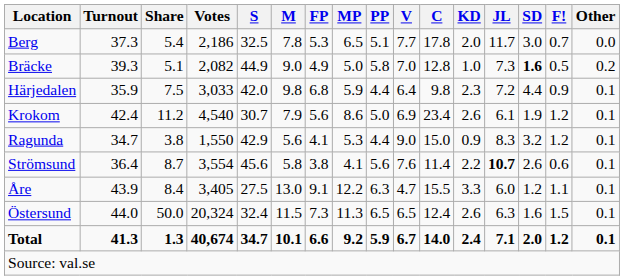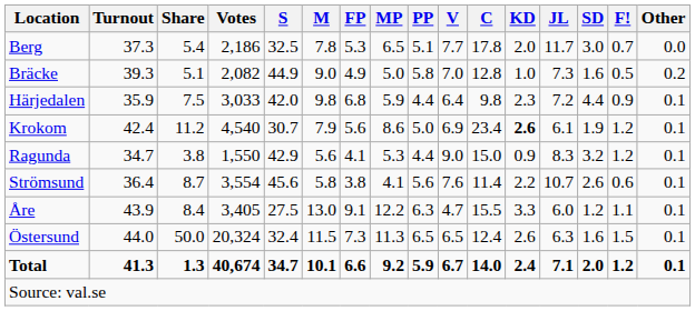 <table class="wikitable sortable" style=text-align:right>
 <tr>
 <th>Location</th>
 <th>Turnout</th>
 <th>Share</th>
 <th>Votes</th>
 <th><a href='#'>S</a></th>
 <th><a href='#'>M</a></th>
 <th><a href='#'>FP</a></th>
 <th><a href='#'>MP</a></th>
 <th><a href='#'>PP</a></th>
 <th><a href='#'>V</a></th>
 <th><a href='#'>C</a></th>
 <th><a href='#'>KD</a></th>
 <th><a href='#'>JL</a></th>
 <th><a href='#'>SD</a></th>
 <th><a href='#'>F!</a></th>
 <th>Other</th>
 </tr>
 <tr>
 <td align=left><a href='#'>Berg</a></td>
 <td>37.3</td>
 <td>5.4</td>
 <td>2,186</td>
 <td>32.5</td>
 <td>7.8</td>
 <td>5.3</td>
 <td>6.5</td>
 <td>5.1</td>
 <td>7.7</td>
 <td>17.8</td>
 <td>2.0</td>
 <td>11.7</td>
 <td>3.0</td>
 <td>0.7</td>
 <td>0.0</td>
 </tr>
 <tr>
 <td align=left><a href='#'>Bräcke</a></td>
 <td>39.3</td>
 <td>5.1</td>
 <td>2,082</td>
 <td>44.9</td>
 <td>9.0</td>
 <td>4.9</td>
 <td>5.0</td>
 <td>5.8</td>
 <td>7.0</td>
 <td>12.8</td>
 <td>1.0</td>
 <td>7.3</td>
-<td><strong>1.6</strong></td>
+<td>1.6</td>
 <td>0.5</td>
 <td>0.2</td>
 </tr>
 <tr>
 <td align=left><a href='#'>Härjedalen</a></td>
 <td>35.9</td>
 <td>7.5</td>
 <td>3,033</td>
 <td>42.0</td>
 <td>9.8</td>
 <td>6.8</td>
 <td>5.9</td>
 <td>4.4</td>
 <td>6.4</td>
 <td>9.8</td>
 <td>2.3</td>
 <td>7.2</td>
 <td>4.4</td>
 <td>0.9</td>
 <td>0.1</td>
 </tr>
 <tr>
 <td align=left><a href='#'>Krokom</a></td>
 <td>42.4</td>
 <td>11.2</td>
 <td>4,540</td>
 <td>30.7</td>
 <td>7.9</td>
 <td>5.6</td>
 <td>8.6</td>
 <td>5.0</td>
 <td>6.9</td>
 <td>23.4</td>
-<td>2.6</td>
+<td><strong>2.6</strong></td>
 <td>6.1</td>
 <td>1.9</td>
 <td>1.2</td>
 <td>0.1</td>
 </tr>
 <tr>
 <td align=left><a href='#'>Ragunda</a></td>
 <td>34.7</td>
 <td>3.8</td>
 <td>1,550</td>
 <td>42.9</td>
 <td>5.6</td>
 <td>4.1</td>
 <td>5.3</td>
 <td>4.4</td>
 <td>9.0</td>
 <td>15.0</td>
 <td>0.9</td>
 <td>8.3</td>
 <td>3.2</td>
 <td>1.2</td>
 <td>0.1</td>
 </tr>
 <tr>
 <td align=left><a href='#'>Strömsund</a></td>
 <td>36.4</td>
 <td>8.7</td>
 <td>3,554</td>
 <td>45.6</td>
 <td>5.8</td>
 <td>3.8</td>
 <td>4.1</td>
 <td>5.6</td>
 <td>7.6</td>
 <td>11.4</td>
 <td>2.2</td>
-<td><strong>10.7</strong></td>
+<td>10.7</td>
 <td>2.6</td>
 <td>0.6</td>
 <td>0.1</td>
 </tr>
 <tr>
 <td align=left><a href='#'>Åre</a></td>
 <td>43.9</td>
 <td>8.4</td>
 <td>3,405</td>
 <td>27.5</td>
 <td>13.0</td>
 <td>9.1</td>
 <td>12.2</td>
 <td>6.3</td>
 <td>4.7</td>
 <td>15.5</td>
 <td>3.3</td>
 <td>6.0</td>
 <td>1.2</td>
 <td>1.1</td>
 <td>0.1</td>
 </tr>
 <tr>
 <td align=left><a href='#'>Östersund</a></td>
 <td>44.0</td>
 <td>50.0</td>
 <td>20,324</td>
 <td>32.4</td>
 <td>11.5</td>
 <td>7.3</td>
 <td>11.3</td>
 <td>6.5</td>
 <td>6.5</td>
 <td>12.4</td>
 <td>2.6</td>
 <td>6.3</td>
 <td>1.6</td>
 <td>1.5</td>
 <td>0.1</td>
 </tr>
 <tr>
 <td align=left><strong>Total</strong></td>
 <td><strong>41.3</strong></td>
 <td><strong>1.3</strong></td>
 <td><strong>40,674</strong></td>
 <td><strong>34.7</strong></td>
 <td><strong>10.1</strong></td>
 <td><strong>6.6</strong></td>
 <td><strong>9.2</strong></td>
 <td><strong>5.9</strong></td>
 <td><strong>6.7</strong></td>
 <td><strong>14.0</strong></td>
 <td><strong>2.4</strong></td>
 <td><strong>7.1</strong></td>
 <td><strong>2.0</strong></td>
 <td><strong>1.2</strong></td>
 <td><strong>0.1</strong></td>
 </tr>
 <tr>
 <td align=left colspan=16>Source: val.se </td>
 </tr>
 </table>
